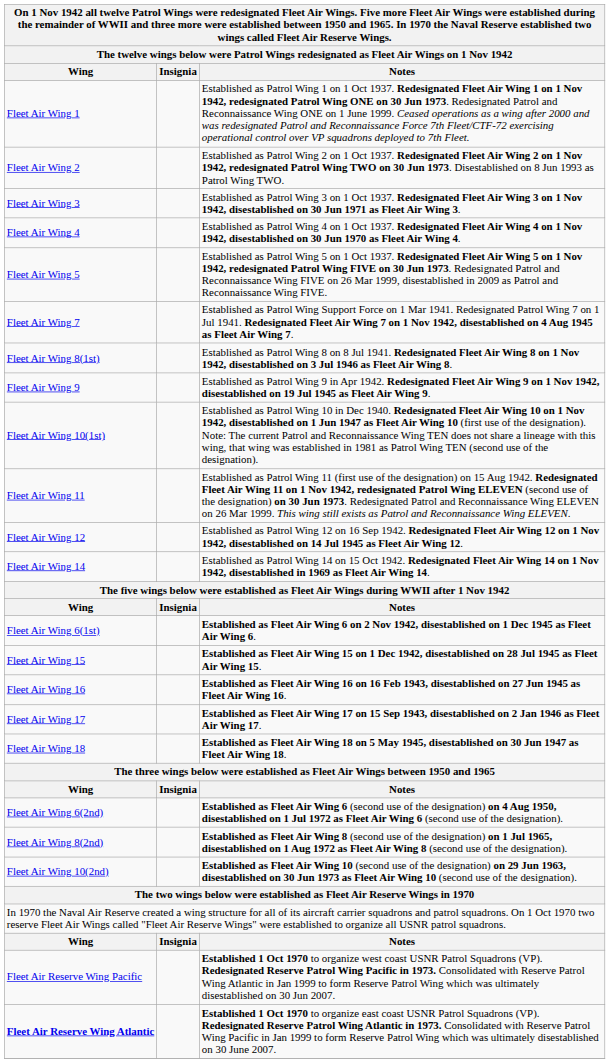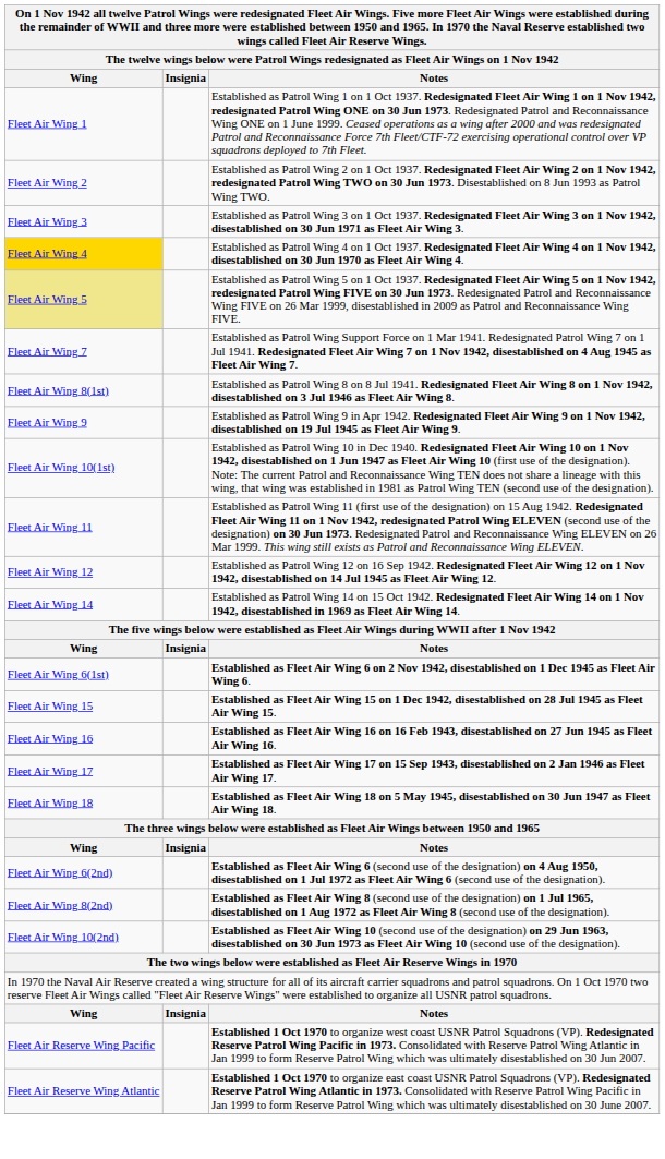 <table class="wikitable" width=100% style="text-align: center">
 <tr>
 <th colspan=3>On 1 Nov 1942 all twelve Patrol Wings were redesignated Fleet Air Wings. Five more Fleet Air Wings were established during the remainder of WWII and three more were established between 1950 and 1965. In 1970 the Naval Reserve established two wings called Fleet Air Reserve Wings.</th>
 </tr>
 <tr>
 <th colspan=3>The twelve wings below were Patrol Wings redesignated as Fleet Air Wings on 1 Nov 1942</th>
 </tr>
 <tr>
 <th colspan=1>Wing</th>
 <th>Insignia</th>
 <th>Notes</th>
 </tr>
 <tr>
 <td align=left style="white-space: nowrap;"><a href='#'>Fleet Air Wing 1</a></td>
 <td></td>
 <td align=left>Established as Patrol Wing 1 on 1 Oct 1937. <strong>Redesignated Fleet Air Wing 1 on 1 Nov 1942, redesignated Patrol Wing ONE  on 30 Jun 1973</strong>. Redesignated Patrol and Reconnaissance Wing ONE on 1 June 1999. <em>Ceased operations as a wing after 2000 and was redesignated Patrol and Reconnaissance Force 7th Fleet/CTF-72 exercising operational control over VP squadrons deployed to 7th Fleet.</em></td>
 </tr>
 <tr>
 <td align=left><a href='#'>Fleet Air Wing 2</a></td>
 <td></td>
 <td align=left>Established as Patrol Wing 2 on 1 Oct 1937. <strong>Redesignated Fleet Air Wing 2 on 1 Nov 1942, redesignated Patrol Wing TWO on 30 Jun 1973</strong>. Disestablished on 8 Jun 1993 as Patrol Wing TWO.</td>
 </tr>
 <tr>
 <td align=left><a href='#'>Fleet Air Wing 3</a></td>
 <td></td>
 <td align=left>Established as Patrol Wing 3 on 1 Oct 1937. <strong>Redesignated Fleet Air Wing 3 on 1 Nov 1942, disestablished on 30 Jun 1971 as Fleet Air Wing 3</strong>.</td>
 </tr>
 <tr>
-<td align=left><a href='#'>Fleet Air Wing 4</a></td>
+<td align=left style="background: gold;"><a href='#'>Fleet Air Wing 4</a></td>
 <td></td>
 <td align=left>Established as Patrol Wing 4 on 1 Oct 1937. <strong>Redesignated Fleet Air Wing 4 on 1 Nov 1942, disestablished on 30 Jun 1970 as Fleet Air Wing 4</strong>.</td>
 </tr>
 <tr>
-<td align=left><a href='#'>Fleet Air Wing 5</a></td>
+<td align=left style="background: khaki;"><a href='#'>Fleet Air Wing 5</a></td>
 <td></td>
 <td align=left>Established as Patrol Wing 5 on 1 Oct 1937. <strong>Redesignated Fleet Air Wing 5 on 1 Nov 1942, redesignated Patrol Wing FIVE on 30 Jun 1973</strong>. Redesignated Patrol and Reconnaissance Wing FIVE on 26 Mar 1999, disestablished in 2009 as Patrol and Reconnaissance Wing FIVE.</td>
 </tr>
 <tr>
 <td align=left><a href='#'>Fleet Air Wing 7</a></td>
 <td></td>
 <td align=left>Established as Patrol Wing Support Force on 1 Mar 1941. Redesignated Patrol Wing 7 on 1 Jul 1941. <strong>Redesignated Fleet Air Wing 7 on 1 Nov 1942, disestablished on 4 Aug 1945 as Fleet Air Wing 7</strong>.</td>
 </tr>
 <tr>
 <td align=left><a href='#'>Fleet Air Wing 8(1st)</a></td>
 <td></td>
 <td align=left>Established as Patrol Wing 8 on 8 Jul 1941. <strong>Redesignated Fleet Air Wing 8 on 1 Nov 1942, disestablished on 3 Jul 1946 as Fleet Air Wing 8</strong>.</td>
 </tr>
 <tr>
 <td align=left><a href='#'>Fleet Air Wing 9</a></td>
 <td></td>
 <td align=left>Established as Patrol Wing 9 in Apr 1942. <strong>Redesignated Fleet Air Wing 9 on 1 Nov 1942, disestablished on 19 Jul 1945 as Fleet Air Wing 9</strong>.</td>
 </tr>
 <tr>
 <td align=left><a href='#'>Fleet Air Wing 10(1st)</a></td>
 <td></td>
 <td align=left>Established as Patrol Wing 10 in Dec 1940. <strong>Redesignated Fleet Air Wing 10 on 1 Nov 1942, disestablished on 1 Jun 1947 as Fleet Air Wing 10</strong> (first use of the designation). Note: The current Patrol and Reconnaissance Wing TEN does not share a lineage with this wing, that wing was established in 1981 as Patrol Wing TEN (second use of the designation).</td>
 </tr>
 <tr>
 <td align=left><a href='#'>Fleet Air Wing 11</a></td>
 <td></td>
 <td align=left>Established as Patrol Wing 11 (first use of the designation) on 15 Aug 1942. <strong>Redesignated Fleet Air Wing 11 on 1 Nov 1942, redesignated Patrol Wing ELEVEN</strong> (second use of the designation) <strong>on 30 Jun 1973</strong>. Redesignated Patrol and Reconnaissance Wing ELEVEN on 26 Mar 1999. <em>This wing still exists as Patrol and Reconnaissance Wing ELEVEN</em>.</td>
 </tr>
 <tr>
 <td align=left><a href='#'>Fleet Air Wing 12</a></td>
 <td></td>
 <td align=left>Established as Patrol Wing 12 on 16 Sep 1942. <strong>Redesignated Fleet Air Wing 12 on 1 Nov 1942, disestablished on 14 Jul 1945 as Fleet Air Wing 12</strong>.</td>
 </tr>
 <tr>
 <td align=left><a href='#'>Fleet Air Wing 14</a></td>
 <td></td>
 <td align=left>Established as Patrol Wing 14 on 15 Oct 1942. <strong>Redesignated Fleet Air Wing 14 on 1 Nov 1942, disestablished in 1969 as Fleet Air Wing 14</strong>.</td>
 </tr>
 <tr>
 <th colspan=3>The five wings below were established as Fleet Air Wings during WWII after 1 Nov 1942</th>
 </tr>
 <tr>
 <th colspan=1>Wing</th>
 <th>Insignia</th>
 <th>Notes</th>
 </tr>
 <tr>
 <td align=left><a href='#'>Fleet Air Wing 6(1st)</a></td>
 <td></td>
 <td align=left><strong>Established as Fleet Air Wing 6 on 2 Nov 1942, disestablished on 1 Dec 1945 as Fleet Air Wing 6</strong>.</td>
 </tr>
 <tr>
 <td align=left><a href='#'>Fleet Air Wing 15</a></td>
 <td></td>
 <td align=left><strong>Established as Fleet Air Wing 15 on 1 Dec 1942, disestablished on 28 Jul 1945 as Fleet Air Wing 15</strong>.</td>
 </tr>
 <tr>
 <td align=left><a href='#'>Fleet Air Wing 16</a></td>
 <td></td>
 <td align=left><strong>Established as Fleet Air Wing 16 on 16 Feb 1943, disestablished on 27 Jun 1945 as Fleet Air Wing 16</strong>.</td>
 </tr>
 <tr>
 <td align=left><a href='#'>Fleet Air Wing 17</a></td>
 <td></td>
 <td align=left><strong>Established as Fleet Air Wing 17 on 15 Sep 1943, disestablished on 2 Jan 1946 as Fleet Air Wing 17</strong>.</td>
 </tr>
 <tr>
 <td align=left><a href='#'>Fleet Air Wing 18</a></td>
 <td></td>
 <td align=left><strong>Established as Fleet Air Wing 18 on 5 May 1945, disestablished on 30 Jun 1947 as Fleet Air Wing 18</strong>.</td>
 </tr>
 <tr>
 <th colspan=3>The three wings below were established as Fleet Air Wings between 1950 and 1965</th>
 </tr>
 <tr>
 <th colspan=1>Wing</th>
 <th>Insignia</th>
 <th>Notes</th>
 </tr>
 <tr>
 <td align=left><a href='#'>Fleet Air Wing 6(2nd)</a></td>
 <td></td>
 <td align=left><strong>Established as Fleet Air Wing 6</strong> (second use of the designation) <strong>on 4 Aug 1950, disestablished on 1 Jul 1972 as Fleet Air Wing 6</strong> (second use of the designation).</td>
 </tr>
 <tr>
 <td align=left><a href='#'>Fleet Air Wing 8(2nd)</a></td>
 <td></td>
 <td align=left><strong>Established as Fleet Air Wing 8</strong> (second use of the designation) <strong>on 1 Jul 1965, disestablished on 1 Aug 1972 as Fleet Air Wing 8</strong> (second use of the designation).</td>
 </tr>
 <tr>
 <td align=left style="white-space: nowrap;"><a href='#'>Fleet Air Wing 10(2nd)</a></td>
 <td></td>
 <td align=left><strong>Established as Fleet Air Wing 10</strong> (second use of the designation) <strong>on 29 Jun 1963, disestablished on 30 Jun 1973 as Fleet Air Wing 10</strong> (second use of the designation).</td>
 </tr>
 <tr>
 <th colspan=3>The two wings below were established as Fleet Air Reserve Wings in 1970</th>
 </tr>
 <tr>
 <td colspan=3 align=left>In 1970 the Naval Air Reserve created a wing structure for all of its aircraft carrier squadrons and patrol squadrons. On 1 Oct 1970 two reserve Fleet Air Wings called "Fleet Air Reserve Wings" were established to organize all USNR patrol squadrons.</td>
 </tr>
 <tr>
 <th colspan=1>Wing</th>
 <th>Insignia</th>
 <th>Notes</th>
 </tr>
 <tr>
 <td align=left><a href='#'>Fleet Air Reserve Wing Pacific</a></td>
 <td></td>
 <td align=left><strong>Established 1 Oct 1970</strong> to organize west coast USNR Patrol Squadrons (VP). <strong>Redesignated Reserve Patrol Wing Pacific in 1973.</strong> Consolidated with Reserve Patrol Wing Atlantic in Jan 1999 to form Reserve Patrol Wing which was ultimately disestablished on 30 Jun 2007.</td>
 </tr>
 <tr>
-<td align=left style="white-space: nowrap;"><strong><a href='#'>Fleet Air Reserve Wing Atlantic</a></strong></td>
+<td align=left style="white-space: nowrap;"><a href='#'>Fleet Air Reserve Wing Atlantic</a></td>
 <td></td>
 <td align=left><strong>Established 1 Oct 1970</strong> to organize east coast USNR Patrol Squadrons (VP). <strong>Redesignated Reserve Patrol Wing Atlantic in 1973.</strong> Consolidated with Reserve Patrol Wing Pacific in Jan 1999 to form Reserve Patrol Wing which was ultimately disestablished on 30 June 2007.</td>
 </tr>
 <tr>
 </tr>
 </table>
